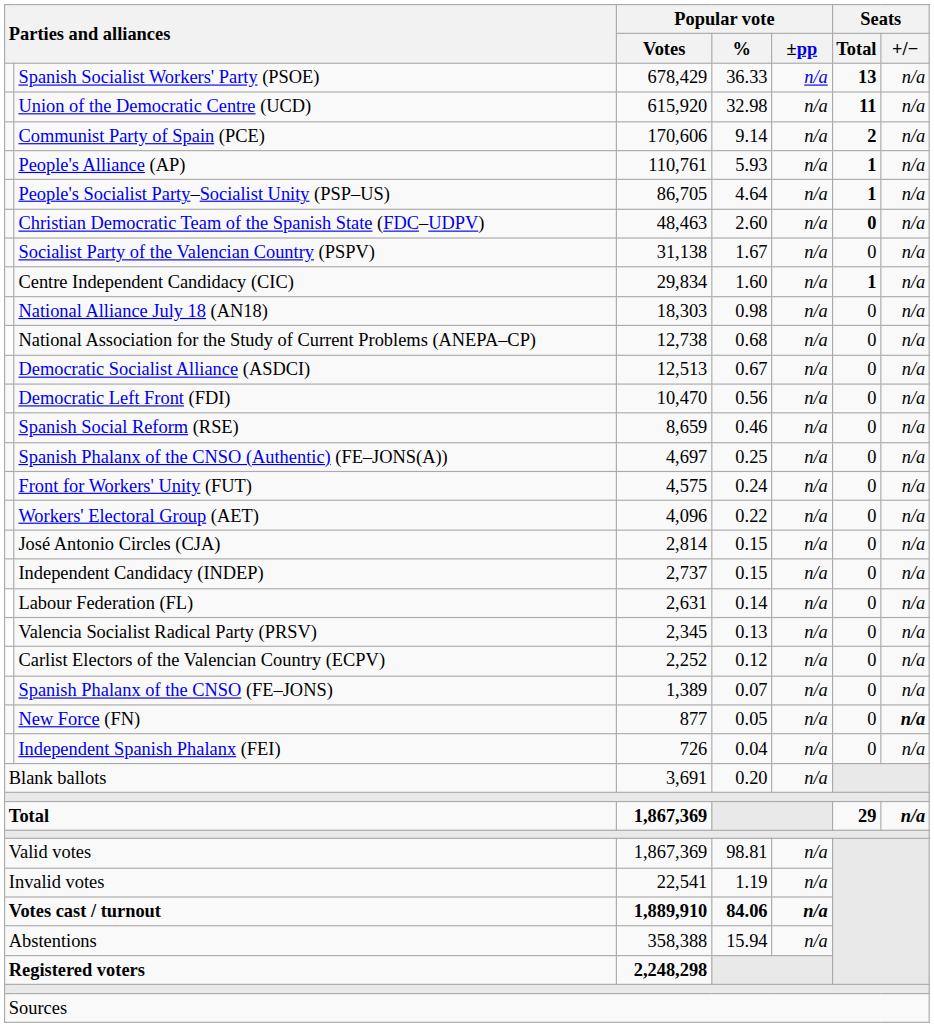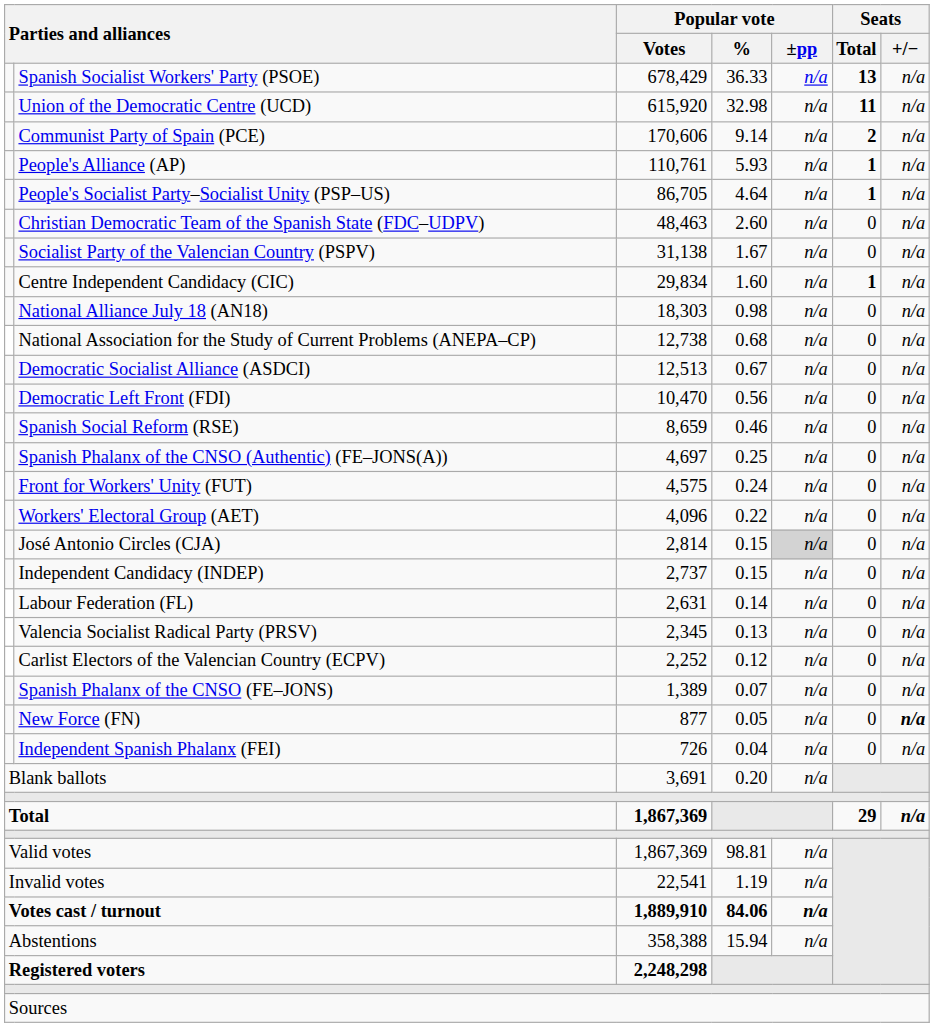 <table class="wikitable" style="text-align:right;">
 <tr>
 <th style="text-align:left;" rowspan="2" colspan="2" width="525">Parties and alliances</th>
 <th colspan="3">Popular vote</th>
 <th colspan="2">Seats</th>
 </tr>
 <tr>
 <th width="75">Votes</th>
 <th width="45">%</th>
 <th width="45">±<a href='#'>pp</a></th>
 <th width="35">Total</th>
 <th width="35">+/−</th>
 </tr>
 <tr>
 <td width="1" style="color:inherit;background:"></td>
 <td align="left"><a href='#'>Spanish Socialist Workers' Party</a> (PSOE)</td>
 <td>678,429</td>
 <td>36.33</td>
 <td><em><a href='#'>n/a</a></em></td>
 <td><strong>13</strong></td>
 <td><em>n/a</em></td>
 </tr>
 <tr>
 <td style="color:inherit;background:"></td>
 <td align="left"><a href='#'>Union of the Democratic Centre</a> (UCD)</td>
 <td>615,920</td>
 <td>32.98</td>
 <td><em>n/a</em></td>
 <td><strong>11</strong></td>
 <td><em>n/a</em></td>
 </tr>
 <tr>
 <td style="color:inherit;background:"></td>
 <td align="left"><a href='#'>Communist Party of Spain</a> (PCE)</td>
 <td>170,606</td>
 <td>9.14</td>
 <td><em>n/a</em></td>
 <td><strong>2</strong></td>
 <td><em>n/a</em></td>
 </tr>
 <tr>
 <td style="color:inherit;background:"></td>
 <td align="left"><a href='#'>People's Alliance</a> (AP)</td>
 <td>110,761</td>
 <td>5.93</td>
 <td><em>n/a</em></td>
 <td><strong>1</strong></td>
 <td><em>n/a</em></td>
 </tr>
 <tr>
 <td style="color:inherit;background:"></td>
 <td align="left"><a href='#'>People's Socialist Party</a>–<a href='#'>Socialist Unity</a> (PSP–US)</td>
 <td>86,705</td>
 <td>4.64</td>
 <td><em>n/a</em></td>
 <td><strong>1</strong></td>
 <td><em>n/a</em></td>
 </tr>
 <tr>
 <td style="color:inherit;background:"></td>
 <td align="left"><a href='#'>Christian Democratic Team of the Spanish State</a> (<a href='#'>FDC</a>–<a href='#'>UDPV</a>)</td>
 <td>48,463</td>
 <td>2.60</td>
 <td><em>n/a</em></td>
-<td><strong>0</strong></td>
+<td>0</td>
 <td><em>n/a</em></td>
 </tr>
 <tr>
 <td style="color:inherit;background:"></td>
 <td align="left"><a href='#'>Socialist Party of the Valencian Country</a> (PSPV)</td>
 <td>31,138</td>
 <td>1.67</td>
 <td><em>n/a</em></td>
 <td>0</td>
 <td><em>n/a</em></td>
 </tr>
 <tr>
 <td style="color:inherit;background:"></td>
 <td align="left">Centre Independent Candidacy (CIC)</td>
 <td>29,834</td>
 <td>1.60</td>
 <td><em>n/a</em></td>
 <td><strong>1</strong></td>
 <td><em>n/a</em></td>
 </tr>
 <tr>
 <td style="color:inherit;background:"></td>
 <td align="left"><a href='#'>National Alliance July 18</a> (AN18)</td>
 <td>18,303</td>
 <td>0.98</td>
 <td><em>n/a</em></td>
 <td>0</td>
 <td><em>n/a</em></td>
 </tr>
 <tr>
 <td bgcolor="white"></td>
 <td align="left">National Association for the Study of Current Problems (ANEPA–CP)</td>
 <td>12,738</td>
 <td>0.68</td>
 <td><em>n/a</em></td>
 <td>0</td>
 <td><em>n/a</em></td>
 </tr>
 <tr>
 <td style="color:inherit;background:"></td>
 <td align="left"><a href='#'>Democratic Socialist Alliance</a> (ASDCI)</td>
 <td>12,513</td>
 <td>0.67</td>
 <td><em>n/a</em></td>
 <td>0</td>
 <td><em>n/a</em></td>
 </tr>
 <tr>
 <td style="color:inherit;background:"></td>
 <td align="left"><a href='#'>Democratic Left Front</a> (FDI)</td>
 <td>10,470</td>
 <td>0.56</td>
 <td><em>n/a</em></td>
 <td>0</td>
 <td><em>n/a</em></td>
 </tr>
 <tr>
 <td style="color:inherit;background:"></td>
 <td align="left"><a href='#'>Spanish Social Reform</a> (RSE)</td>
 <td>8,659</td>
 <td>0.46</td>
 <td><em>n/a</em></td>
 <td>0</td>
 <td><em>n/a</em></td>
 </tr>
 <tr>
 <td style="color:inherit;background:"></td>
 <td align="left"><a href='#'>Spanish Phalanx of the CNSO (Authentic)</a> (FE–JONS(A))</td>
 <td>4,697</td>
 <td>0.25</td>
 <td><em>n/a</em></td>
 <td>0</td>
 <td><em>n/a</em></td>
 </tr>
 <tr>
 <td style="color:inherit;background:"></td>
 <td align="left"><a href='#'>Front for Workers' Unity</a> (FUT)</td>
 <td>4,575</td>
 <td>0.24</td>
 <td><em>n/a</em></td>
 <td>0</td>
 <td><em>n/a</em></td>
 </tr>
 <tr>
 <td style="color:inherit;background:"></td>
 <td align="left"><a href='#'>Workers' Electoral Group</a> (AET)</td>
 <td>4,096</td>
 <td>0.22</td>
 <td><em>n/a</em></td>
 <td>0</td>
 <td><em>n/a</em></td>
 </tr>
 <tr>
 <td style="color:inherit;background:"></td>
 <td align="left">José Antonio Circles (CJA)</td>
 <td>2,814</td>
 <td>0.15</td>
-<td><em>n/a</em></td>
+<td style="background: lightgrey;"><em>n/a</em></td>
 <td>0</td>
 <td><em>n/a</em></td>
 </tr>
 <tr>
 <td style="color:inherit;background:"></td>
 <td align="left">Independent Candidacy (INDEP)</td>
 <td>2,737</td>
 <td>0.15</td>
 <td><em>n/a</em></td>
 <td>0</td>
 <td><em>n/a</em></td>
 </tr>
 <tr>
 <td bgcolor="white"></td>
 <td align="left">Labour Federation (FL)</td>
 <td>2,631</td>
 <td>0.14</td>
 <td><em>n/a</em></td>
 <td>0</td>
 <td><em>n/a</em></td>
 </tr>
 <tr>
 <td bgcolor="white"></td>
 <td align="left">Valencia Socialist Radical Party (PRSV)</td>
 <td>2,345</td>
 <td>0.13</td>
 <td><em>n/a</em></td>
 <td>0</td>
 <td><em>n/a</em></td>
 </tr>
 <tr>
 <td bgcolor="white"></td>
 <td align="left">Carlist Electors of the Valencian Country (ECPV)</td>
 <td>2,252</td>
 <td>0.12</td>
 <td><em>n/a</em></td>
 <td>0</td>
 <td><em>n/a</em></td>
 </tr>
 <tr>
 <td style="color:inherit;background:"></td>
 <td align="left"><a href='#'>Spanish Phalanx of the CNSO</a> (FE–JONS)</td>
 <td>1,389</td>
 <td>0.07</td>
 <td><em>n/a</em></td>
 <td>0</td>
 <td><em>n/a</em></td>
 </tr>
 <tr>
 <td style="color:inherit;background:"></td>
 <td align="left"><a href='#'>New Force</a> (FN)</td>
 <td>877</td>
 <td>0.05</td>
 <td><em>n/a</em></td>
 <td>0</td>
 <td><strong><em>n/a</em></strong></td>
 </tr>
 <tr>
 <td style="color:inherit;background:"></td>
 <td align="left"><a href='#'>Independent Spanish Phalanx</a> (FEI)</td>
 <td>726</td>
 <td>0.04</td>
 <td><em>n/a</em></td>
 <td>0</td>
 <td><em>n/a</em></td>
 </tr>
 <tr>
 <td align="left" colspan="2">Blank ballots</td>
 <td>3,691</td>
 <td>0.20</td>
 <td><em>n/a</em></td>
 <td bgcolor="#E9E9E9" colspan="2"></td>
 </tr>
 <tr>
 <td colspan="7" bgcolor="#E9E9E9"></td>
 </tr>
 <tr style="font-weight:bold;">
 <td align="left" colspan="2">Total</td>
 <td>1,867,369</td>
 <td bgcolor="#E9E9E9" colspan="2"></td>
 <td>29</td>
 <td><em>n/a</em></td>
 </tr>
 <tr>
 <td colspan="7" bgcolor="#E9E9E9"></td>
 </tr>
 <tr>
 <td align="left" colspan="2">Valid votes</td>
 <td>1,867,369</td>
 <td>98.81</td>
 <td><em>n/a</em></td>
 <td bgcolor="#E9E9E9" colspan="2" rowspan="5"></td>
 </tr>
 <tr>
 <td align="left" colspan="2">Invalid votes</td>
 <td>22,541</td>
 <td>1.19</td>
 <td><em>n/a</em></td>
 </tr>
 <tr style="font-weight:bold;">
 <td align="left" colspan="2">Votes cast / turnout</td>
 <td>1,889,910</td>
 <td>84.06</td>
 <td><em>n/a</em></td>
 </tr>
 <tr>
 <td align="left" colspan="2">Abstentions</td>
 <td>358,388</td>
 <td>15.94</td>
 <td><em>n/a</em></td>
 </tr>
 <tr style="font-weight:bold;">
 <td align="left" colspan="2">Registered voters</td>
 <td>2,248,298</td>
 <td bgcolor="#E9E9E9" colspan="2"></td>
 </tr>
 <tr>
 <td colspan="7" bgcolor="#E9E9E9"></td>
 </tr>
 <tr>
 <td align="left" colspan="7">Sources</td>
 </tr>
 </table>
